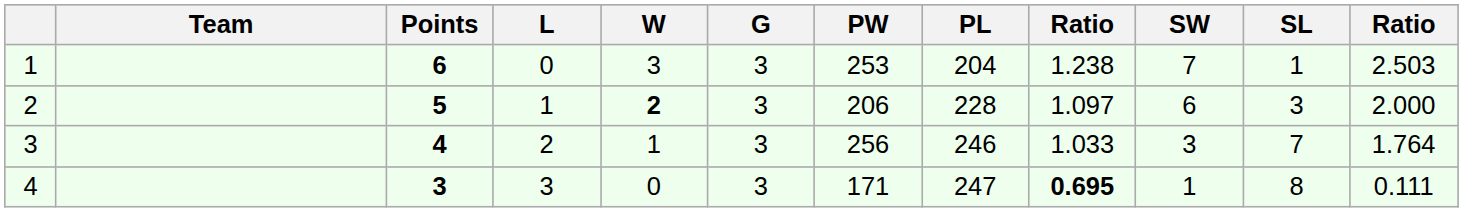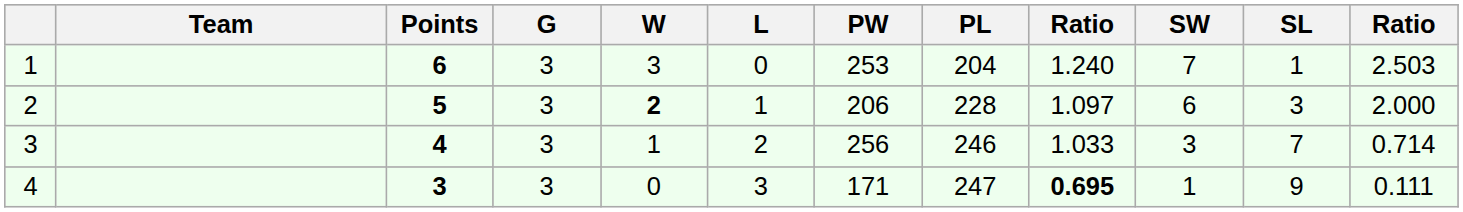 <table class=wikitable style="text-align:center">
 <tr bgcolor="#DCDCDC">
 <th width="25"></th>
 <th width="200">Team</th>
 <th width="60">Points</th>
+<th width="60">G</th>
+<th width="60">W</th>
 <th width="60">L</th>
-<th width="60">W</th>
-<th width="60">G</th>
 <th width="60">PW</th>
 <th width="60">PL</th>
 <th width="60">Ratio</th>
 <th width="60">SW</th>
 <th width="60">SL</th>
 <th width="60">Ratio</th>
 </tr>
 <tr bgcolor=#eeffee>
 <td>1</td>
 <td align=left></td>
 <td><strong>6</strong></td>
-<td>0</td>
 <td>3</td>
 <td>3</td>
+<td>0</td>
 <td>253</td>
 <td>204</td>
-<td>1.238</td>
+<td>1.240</td>
 <td>7</td>
 <td>1</td>
 <td>2.503</td>
 </tr>
 <tr bgcolor=#eeffee>
 <td>2</td>
 <td align=left></td>
 <td><strong>5</strong></td>
+<td>3</td>
+<td><strong>2</strong></td>
 <td>1</td>
-<td><strong>2</strong></td>
-<td>3</td>
 <td>206</td>
 <td>228</td>
 <td>1.097</td>
 <td>6</td>
 <td>3</td>
 <td>2.000</td>
 </tr>
 <tr bgcolor=#eeffee>
 <td>3</td>
 <td align=left></td>
 <td><strong>4</strong></td>
+<td>3</td>
+<td>1</td>
 <td>2</td>
-<td>1</td>
-<td>3</td>
 <td>256</td>
 <td>246</td>
 <td>1.033</td>
 <td>3</td>
 <td>7</td>
-<td>1.764</td>
+<td>0.714</td>
 </tr>
 <tr bgcolor=#eeffee>
 <td>4</td>
 <td align=left></td>
 <td><strong>3</strong></td>
 <td>3</td>
 <td>0</td>
 <td>3</td>
 <td>171</td>
 <td>247</td>
 <td><strong>0.695</strong></td>
 <td>1</td>
-<td>8</td>
+<td>9</td>
 <td>0.111</td>
 </tr>
 </table>
